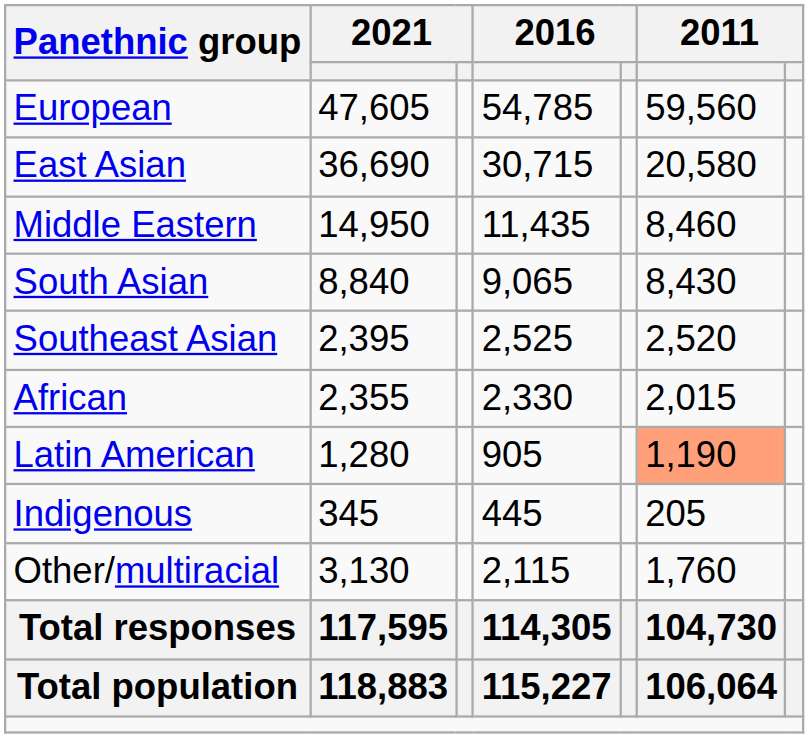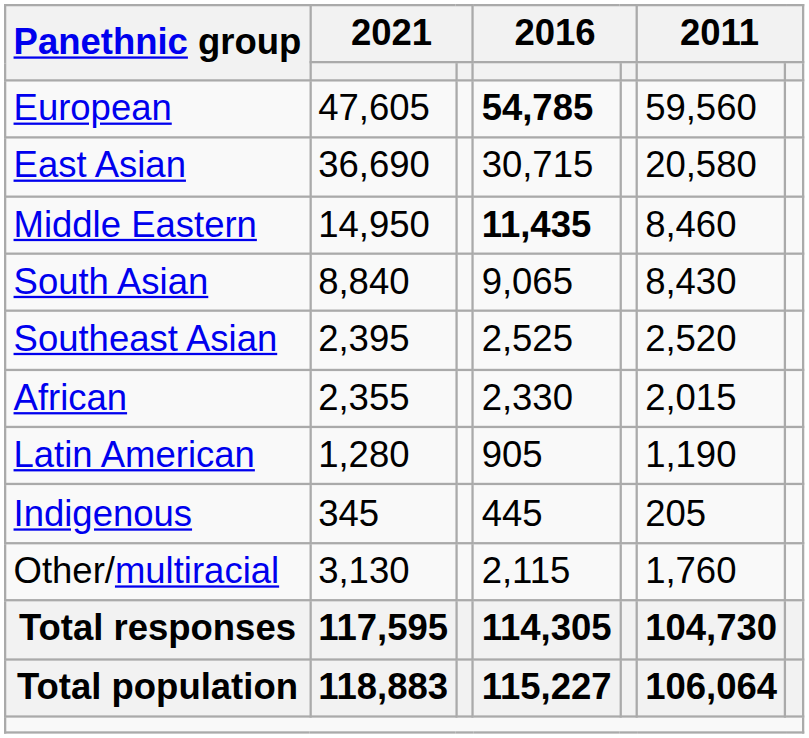 <table class="wikitable collapsible sortable">
 <tr>
 <th rowspan="2"><a href='#'>Panethnic</a> group</th>
 <th colspan="2">2021</th>
 <th colspan="2">2016</th>
 <th colspan="2">2011</th>
 </tr>
 <tr>
 <th><a href='#'></a></th>
 <th></th>
 <th></th>
 <th></th>
 <th></th>
 <th></th>
 </tr>
 <tr>
 <td><a href='#'>European</a></td>
 <td>47,605</td>
 <td></td>
-<td>54,785</td>
+<td><strong>54,785</strong></td>
 <td></td>
 <td>59,560</td>
 <td></td>
 </tr>
 <tr>
 <td><a href='#'>East Asian</a></td>
 <td>36,690</td>
 <td></td>
 <td>30,715</td>
 <td></td>
 <td>20,580</td>
 <td></td>
 </tr>
 <tr>
 <td><a href='#'>Middle Eastern</a></td>
 <td>14,950</td>
 <td></td>
-<td>11,435</td>
+<td><strong>11,435</strong></td>
 <td></td>
 <td>8,460</td>
 <td></td>
 </tr>
 <tr>
 <td><a href='#'>South Asian</a></td>
 <td>8,840</td>
 <td></td>
 <td>9,065</td>
 <td></td>
 <td>8,430</td>
 <td></td>
 </tr>
 <tr>
 <td><a href='#'>Southeast Asian</a></td>
 <td>2,395</td>
 <td></td>
 <td>2,525</td>
 <td></td>
 <td>2,520</td>
 <td></td>
 </tr>
 <tr>
 <td><a href='#'>African</a></td>
 <td>2,355</td>
 <td></td>
 <td>2,330</td>
 <td></td>
 <td>2,015</td>
 <td></td>
 </tr>
 <tr>
 <td><a href='#'>Latin American</a></td>
 <td>1,280</td>
 <td></td>
 <td>905</td>
 <td></td>
-<td style="background: lightsalmon;">1,190</td>
+<td>1,190</td>
 <td></td>
 </tr>
 <tr>
 <td><a href='#'>Indigenous</a></td>
 <td>345</td>
 <td></td>
 <td>445</td>
 <td></td>
 <td>205</td>
 <td></td>
 </tr>
 <tr>
 <td>Other/<a href='#'>multiracial</a></td>
 <td>3,130</td>
 <td></td>
 <td>2,115</td>
 <td></td>
 <td>1,760</td>
 <td></td>
 </tr>
 <tr>
 <th>Total responses</th>
 <th>117,595</th>
 <th></th>
 <th>114,305</th>
 <th></th>
 <th>104,730</th>
 <th></th>
 </tr>
 <tr class="sortbottom">
 <th>Total population</th>
 <th>118,883</th>
 <th></th>
 <th>115,227</th>
 <th></th>
 <th>106,064</th>
 <th></th>
 </tr>
 <tr class="sortbottom">
 <td colspan="15"></td>
 </tr>
 </table>
